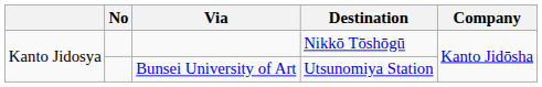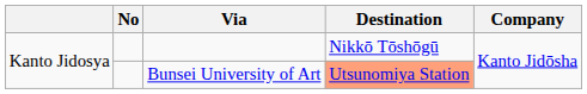 <table class="wikitable">
 <tr>
 <th></th>
 <th>No</th>
 <th>Via</th>
 <th>Destination</th>
 <th>Company</th>
 </tr>
 <tr>
 <td rowspan="2">Kanto Jidosya</td>
 <td></td>
 <td></td>
 <td><a href='#'>Nikkō Tōshōgū</a></td>
 <td rowspan="2"><a href='#'>Kanto Jidōsha</a></td>
 </tr>
 <tr>
 <td></td>
 <td><a href='#'>Bunsei University of Art</a></td>
-<td><a href='#'>Utsunomiya Station</a></td>
+<td style="background: lightsalmon;"><a href='#'>Utsunomiya Station</a></td>
 </tr>
 </table>
